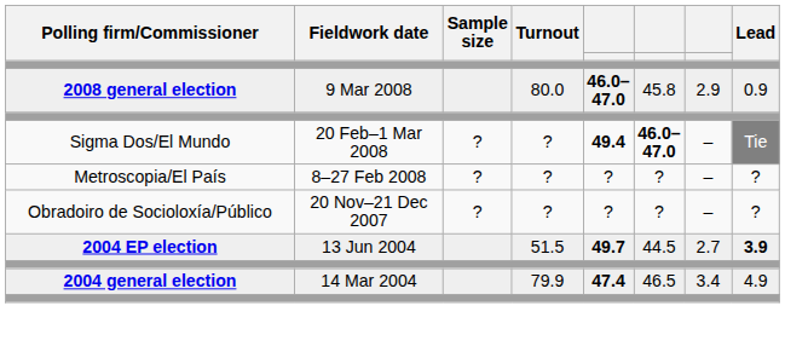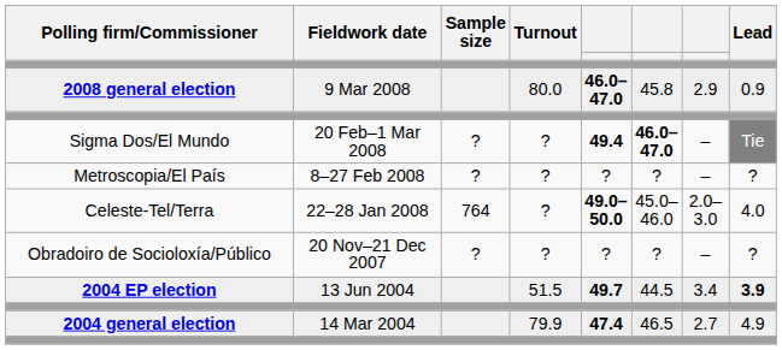 <table class="wikitable collapsible collapsed" style="text-align:center; font-size:95%; line-height:16px;">
 <tr style="height:42px;">
 <th style="width:250px;" rowspan="2">Polling firm/Commissioner</th>
 <th style="width:125px;" rowspan="2">Fieldwork date</th>
 <th style="width:50px;" rowspan="2">Sample size</th>
 <th style="width:45px;" rowspan="2">Turnout</th>
 <th style="width:35px;"></th>
 <th style="width:35px;"></th>
 <th style="width:35px;"></th>
 <th style="width:30px;" rowspan="2">Lead</th>
 </tr>
 <tr>
 <th style="color:inherit;background:"></th>
 <th style="color:inherit;background:"></th>
 <th style="color:inherit;background:"></th>
 </tr>
 <tr>
 <td colspan="8" style="background:#A0A0A0"></td>
 </tr>
 <tr style="background:#EFEFEF;">
 <td><strong><a href='#'>2008 general election</a></strong></td>
 <td>9 Mar 2008</td>
 <td></td>
 <td>80.0</td>
 <td><strong>46.0–<br>47.0</strong><br></td>
 <td>45.8<br></td>
 <td>2.9<br></td>
 <td style="background:">0.9</td>
 </tr>
 <tr>
 <td colspan="8" style="background:#A0A0A0"></td>
 </tr>
 <tr>
 <td>Sigma Dos/El Mundo</td>
 <td>20 Feb–1 Mar 2008</td>
 <td>?</td>
 <td>?</td>
 <td><strong>49.4</strong><br></td>
 <td><strong>46.0–<br>47.0</strong><br></td>
 <td>–</td>
 <td style="background:gray;color:white;">Tie</td>
 </tr>
 <tr>
 <td>Metroscopia/El País</td>
 <td>8–27 Feb 2008</td>
 <td>?</td>
 <td>?</td>
 <td>?<br></td>
 <td>?<br></td>
 <td>–</td>
 <td style="background:">?</td>
 </tr>
 <tr>
+<td>Celeste-Tel/Terra</td>
+<td>22–28 Jan 2008</td>
+<td>764</td>
+<td>?</td>
+<td><strong>49.0–<br>50.0</strong><br></td>
+<td>45.0–<br>46.0<br></td>
+<td>2.0–<br>3.0<br></td>
+<td style="background:">4.0</td>
+</tr>
+<tr>
 <td>Obradoiro de Socioloxía/Público</td>
 <td>20 Nov–21 Dec 2007</td>
 <td>?</td>
 <td>?</td>
 <td>?<br></td>
 <td>?<br></td>
 <td>–</td>
 <td style="background:">?</td>
 </tr>
 <tr style="background:#EFEFEF;">
 <td><strong><a href='#'>2004 EP election</a></strong></td>
 <td>13 Jun 2004</td>
 <td></td>
 <td>51.5</td>
 <td><strong>49.7</strong><br></td>
 <td>44.5<br></td>
-<td>2.7<br></td>
+<td>3.4<br></td>
 <td style="background:"><strong>3.9</strong></td>
 </tr>
 <tr>
 <td colspan="8" style="background:#A0A0A0"></td>
 </tr>
 <tr style="background:#EFEFEF;">
 <td><strong><a href='#'>2004 general election</a></strong></td>
 <td>14 Mar 2004</td>
 <td></td>
 <td>79.9</td>
 <td><strong>47.4</strong><br></td>
 <td>46.5<br></td>
-<td>3.4<br></td>
+<td>2.7<br></td>
 <td style="background:">4.9</td>
 </tr>
 <tr>
 <td colspan="8" style="background:#A0A0A0"></td>
 </tr>
 </table>
